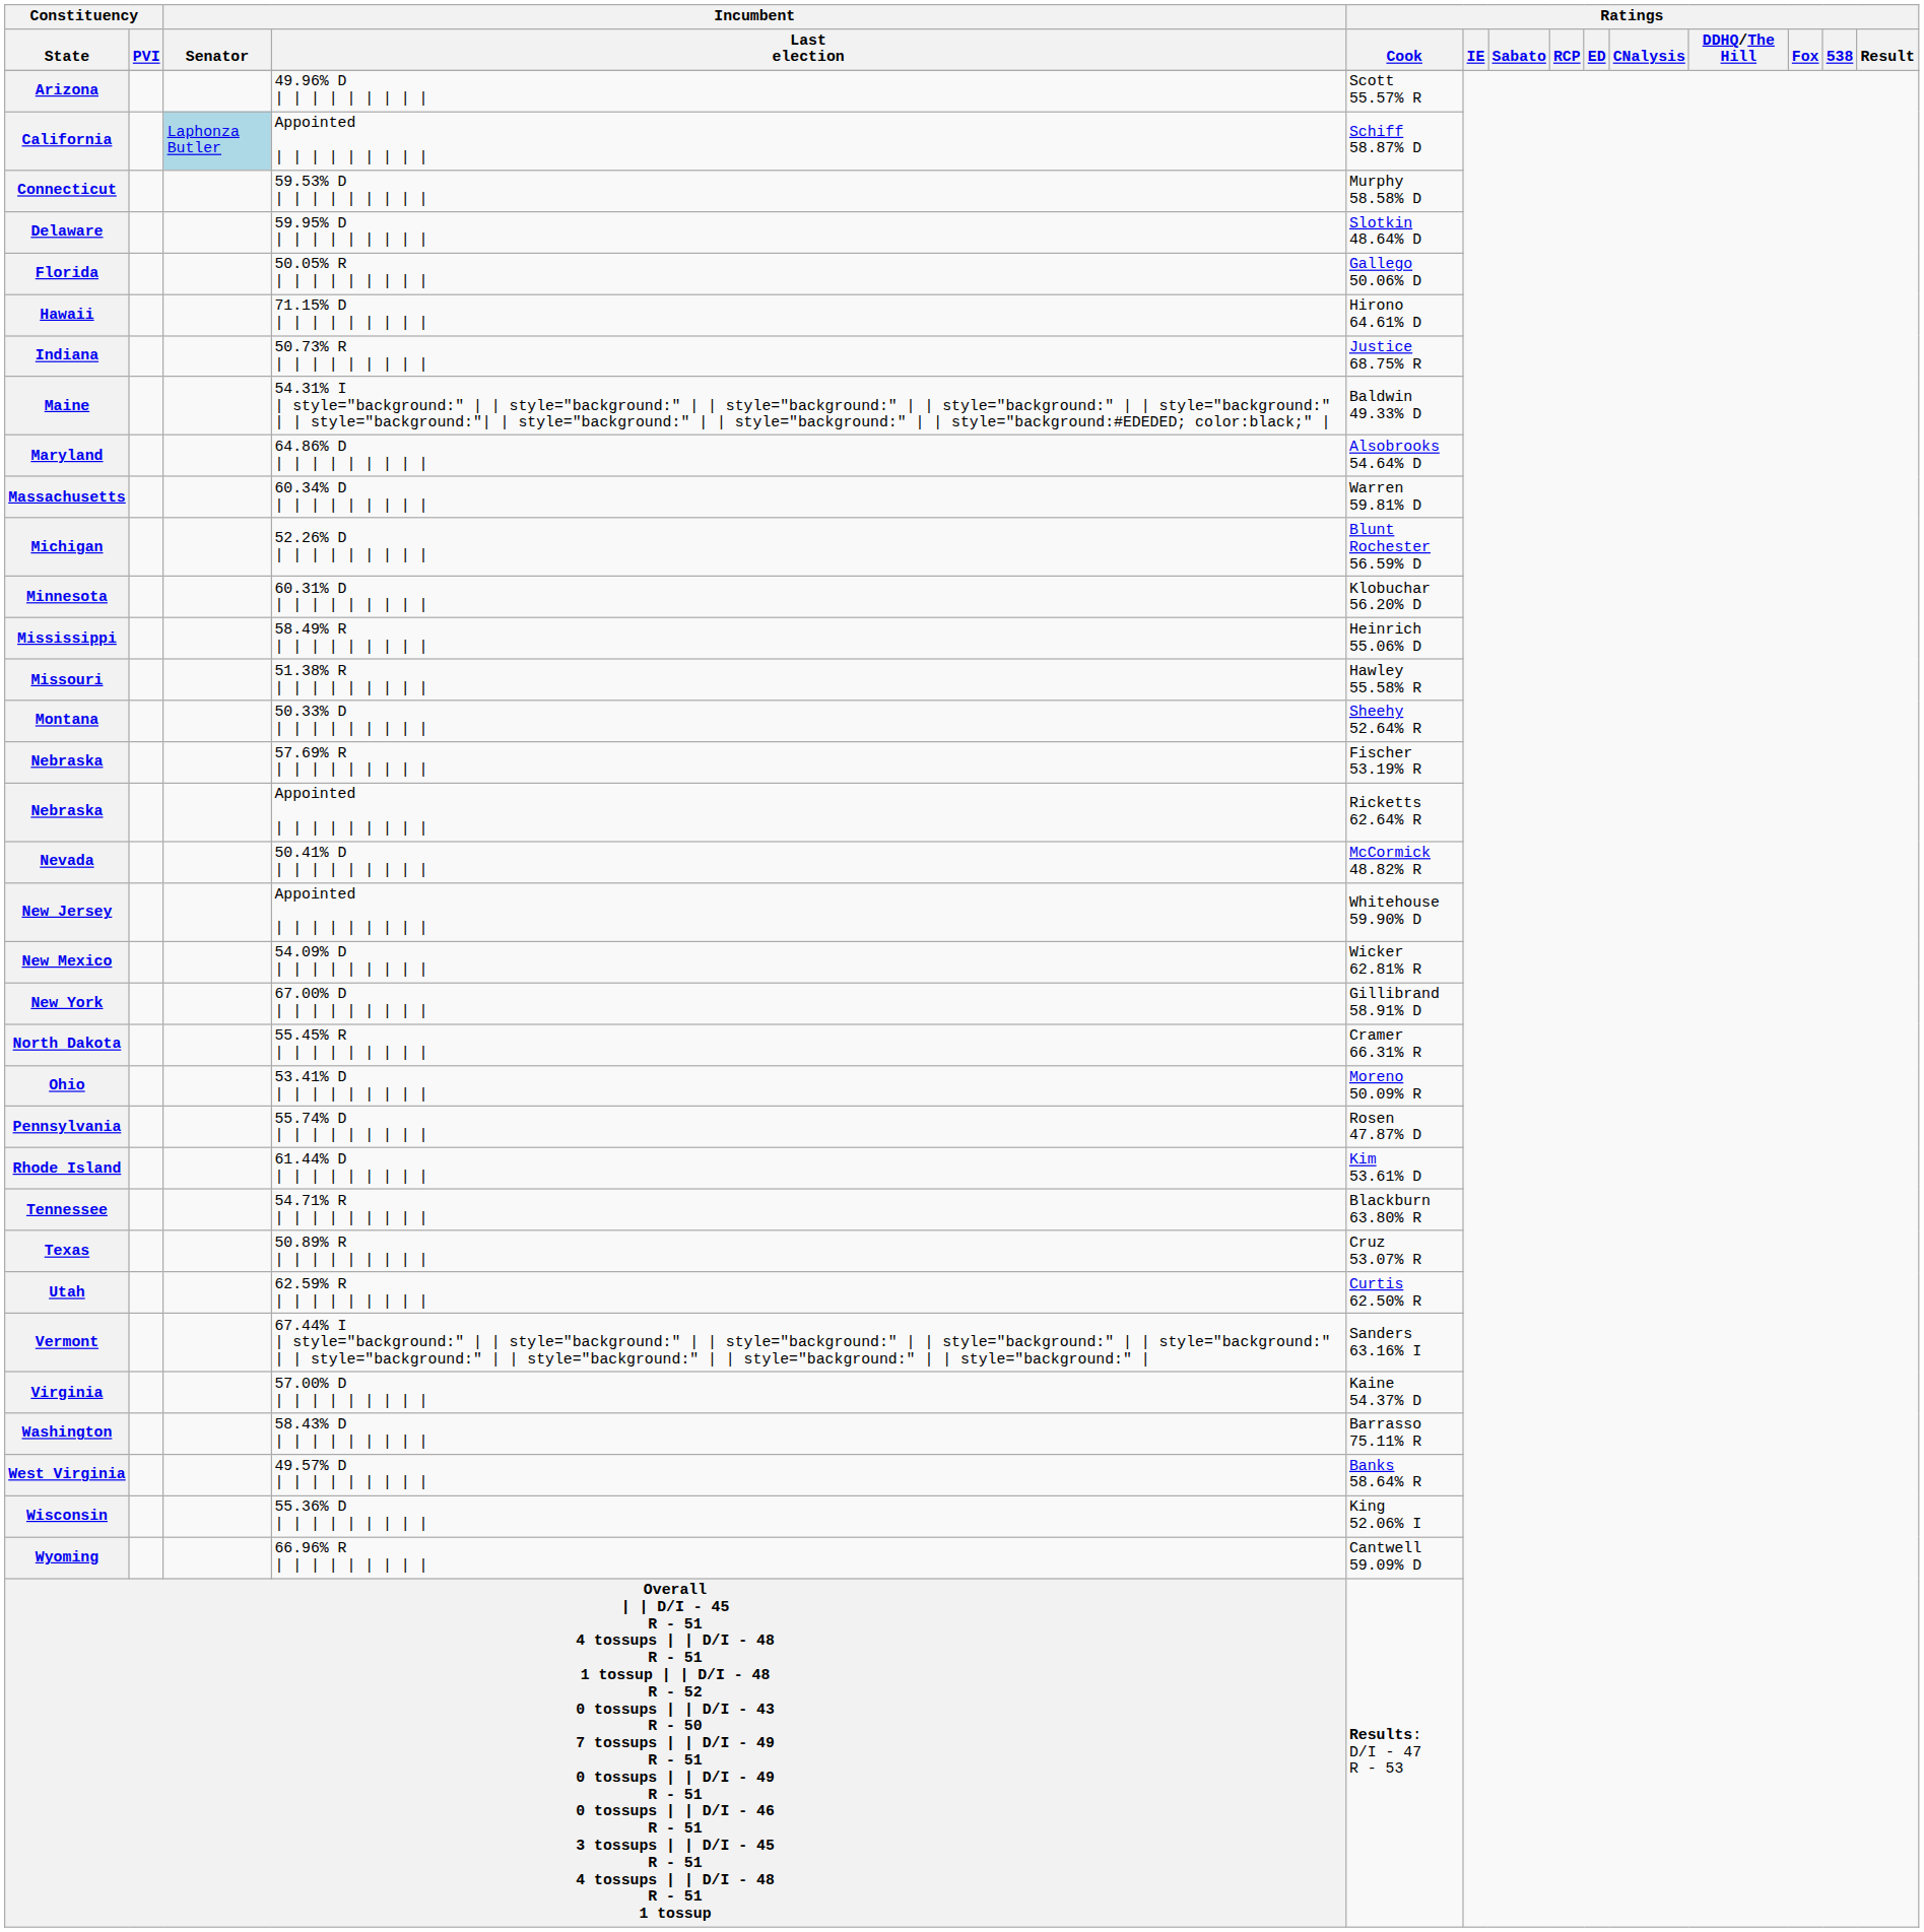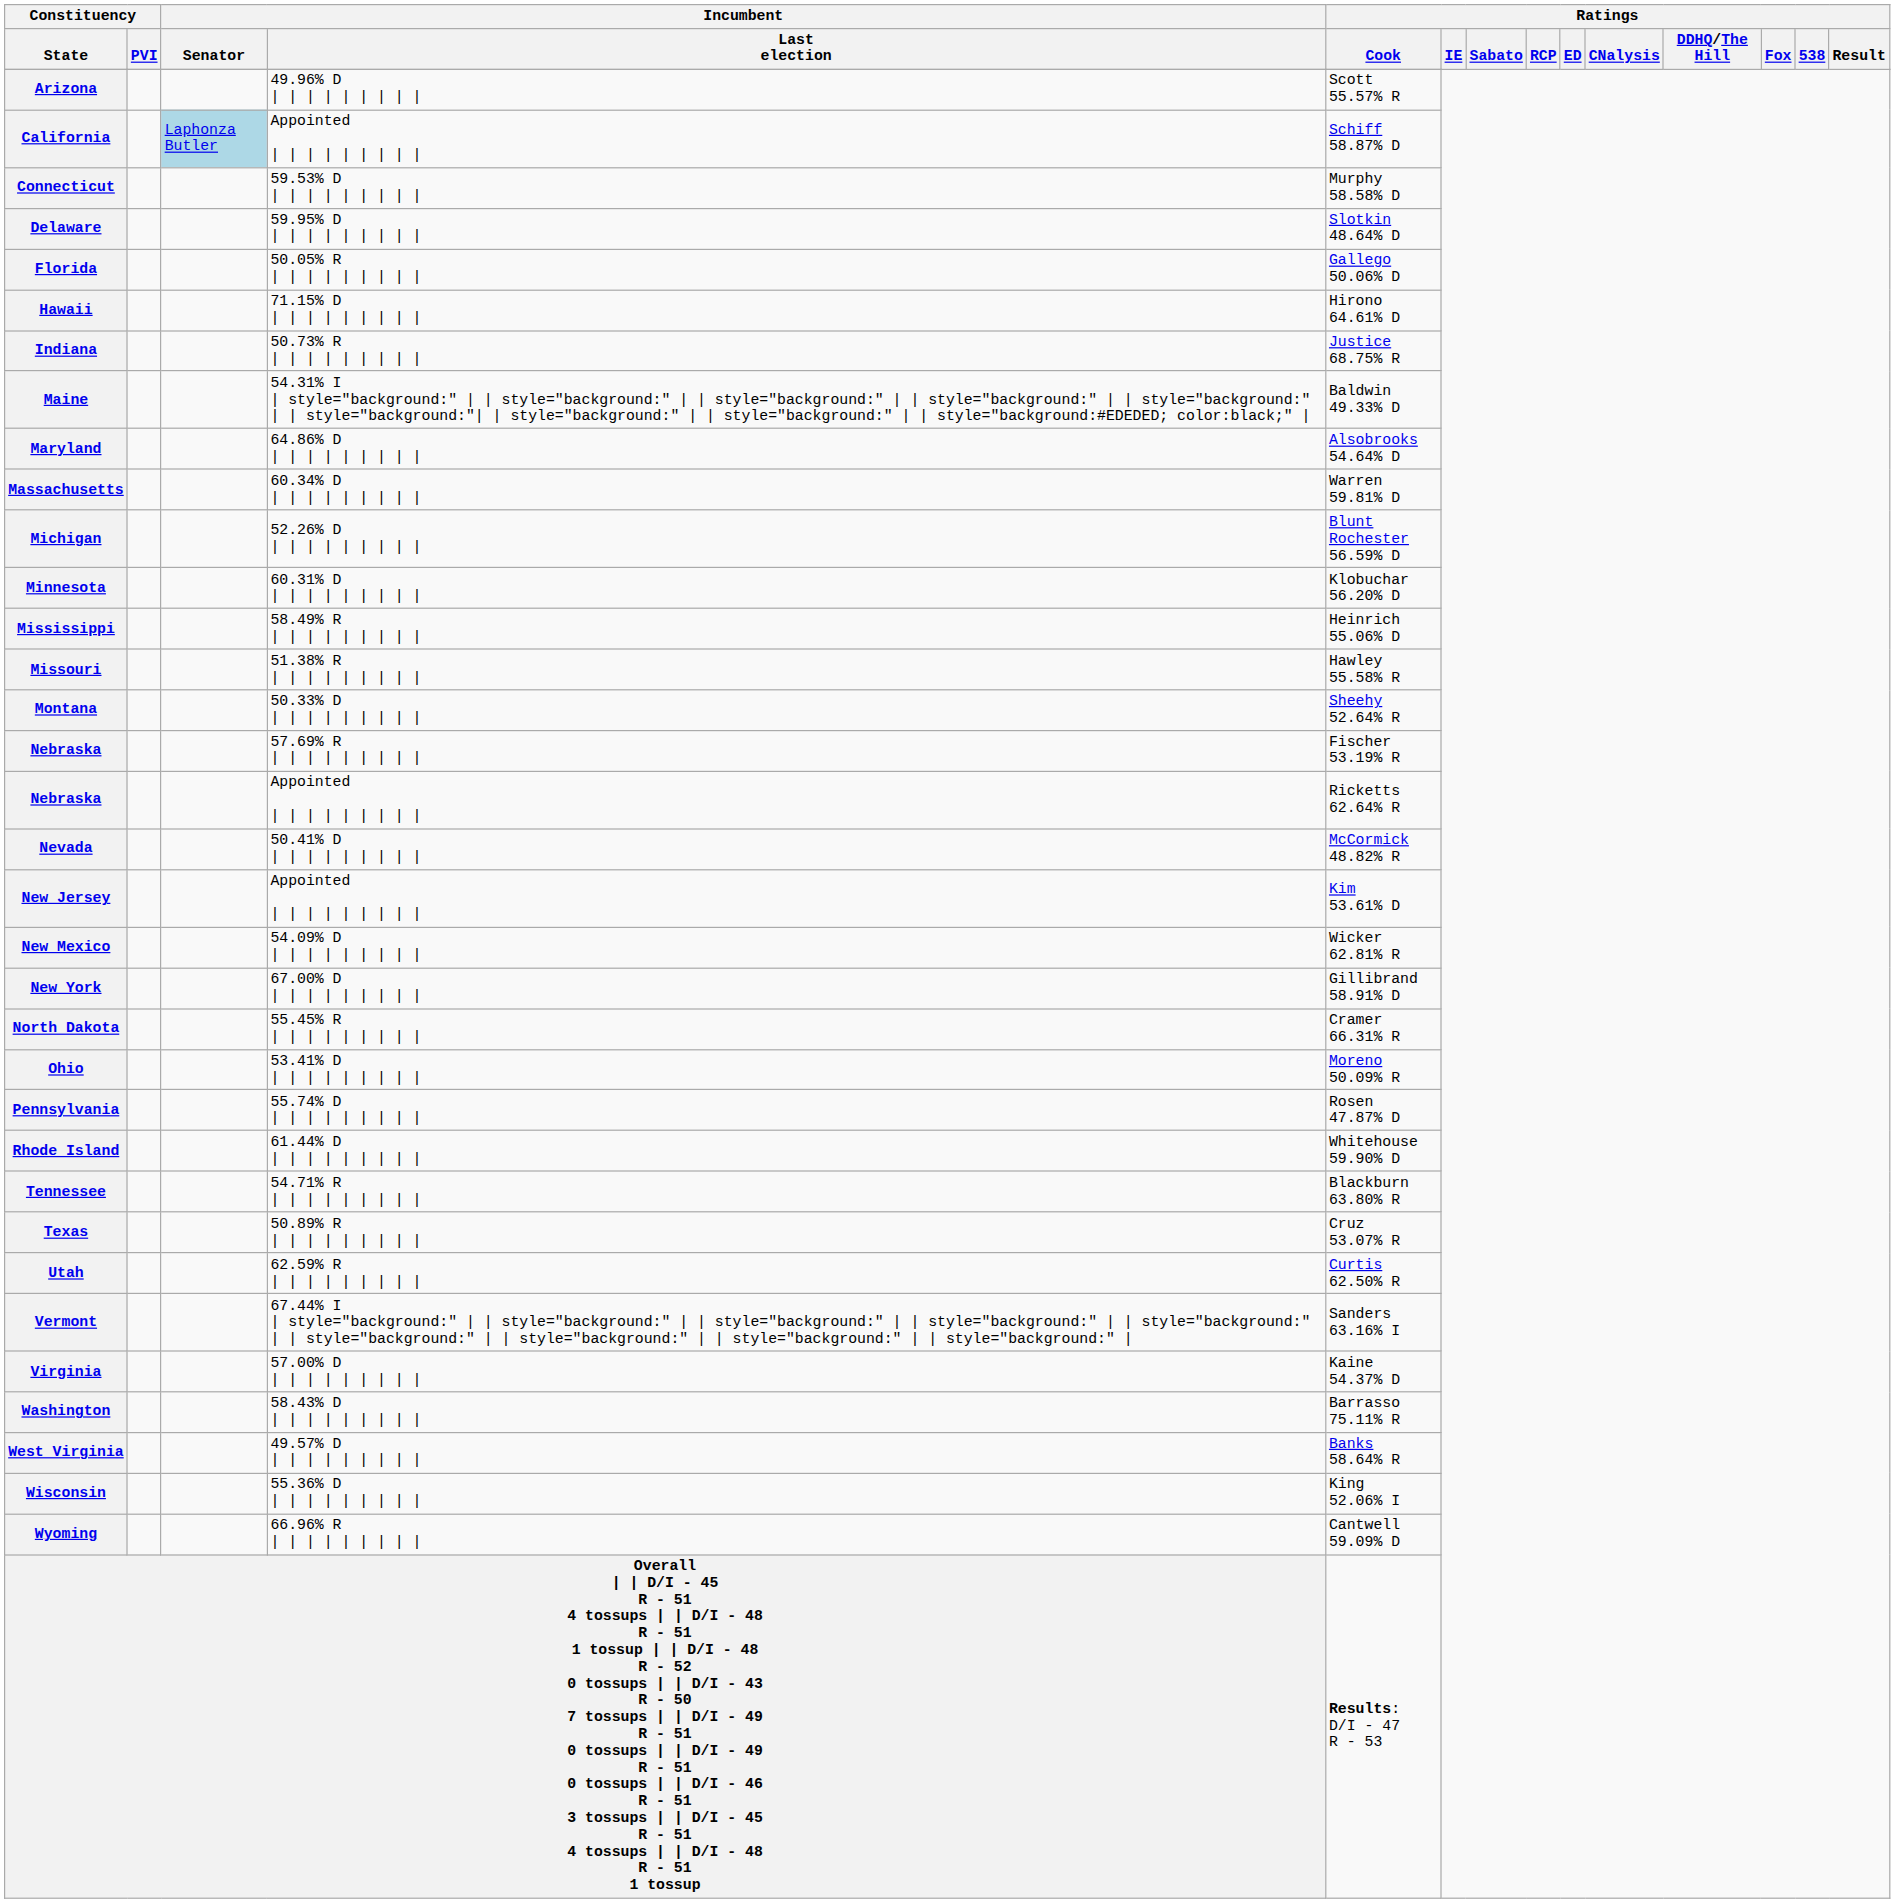 <table class="wikitable sortable sticky-header-multi" style="font-size:95%;">
 <tr style="vertical-align:bottom">
 <th colspan=2>Constituency</th>
 <th colspan=2>Incumbent</th>
 <th colspan="10">Ratings</th>
 </tr>
 <tr style="vertical-align:bottom">
 <th>State</th>
 <th><a href='#'>PVI</a></th>
 <th>Senator</th>
 <th data-sort-type="number">Last<br>election</th>
 <th><a href='#'>Cook</a><br></th>
 <th><a href='#'>IE</a><br></th>
 <th><a href='#'>Sabato</a><br></th>
 <th><a href='#'>RCP</a><br></th>
 <th><a href='#'>ED</a><br></th>
 <th><a href='#'>CNalysis</a><br></th>
 <th><a href='#'>DDHQ</a>/<a href='#'>The Hill</a><br></th>
 <th><a href='#'>Fox</a><br></th>
 <th><a href='#'>538</a><br></th>
 <th>Result</th>
 </tr>
 <tr>
 </tr>
 <tr>
 <th><a href='#'>Arizona</a></th>
 <td></td>
 <td><br></td>
 <td>49.96% D<br>  |     |    |    |    |    |   |    |    | </td>
 <td>Scott<br>55.57% R</td>
 </tr>
 <tr>
 <th><a href='#'>California</a></th>
 <td></td>
 <td style="background: lightblue;"><a href='#'>Laphonza Butler</a><br></td>
 <td data-sort-value="100.0">Appointed<br><br>  |     |    |    |    |    |   |    |    | </td>
 <td><a href='#'>Schiff</a><br>58.87% D</td>
 </tr>
 <tr>
 <th><a href='#'>Connecticut</a></th>
 <td></td>
 <td></td>
 <td>59.53% D<br>  |     |    |    |    |    |   |    |    | </td>
 <td>Murphy<br>58.58% D</td>
 </tr>
 <tr>
 <th><a href='#'>Delaware</a></th>
 <td></td>
 <td><br></td>
 <td>59.95% D<br>  |     |    |    |    |    |   |    |    | </td>
 <td><a href='#'>Slotkin</a><br>48.64% D</td>
 </tr>
 <tr>
 <th><a href='#'>Florida</a></th>
 <td></td>
 <td></td>
 <td>50.05% R<br> |    |   |   |    |   |  |   |   | </td>
 <td><a href='#'>Gallego</a><br>50.06% D </td>
 </tr>
 <tr>
 <th><a href='#'>Hawaii</a></th>
 <td></td>
 <td></td>
 <td>71.15% D<br> |    |   |   |    |   |  |   |   | </td>
 <td>Hirono<br>64.61% D</td>
 </tr>
 <tr>
 <th><a href='#'>Indiana</a></th>
 <td></td>
 <td><br></td>
 <td>50.73% R<br> |    |   |   |    |   |  |   |   | </td>
 <td><a href='#'>Justice</a><br>68.75% R </td>
 </tr>
 <tr>
 <th><a href='#'>Maine</a></th>
 <td></td>
 <td></td>
 <td>54.31% I<br> | style="background:" |   | style="background:" |  | style="background:" |  | style="background:" |  | style="background:" |   | style="background:"| | style="background:" |  | style="background:" |  | style="background:#EDEDED; color:black;" | </td>
 <td>Baldwin<br>49.33% D</td>
 </tr>
 <tr>
 <th><a href='#'>Maryland</a></th>
 <td></td>
 <td><br></td>
 <td>64.86% D<br> |    |   |   |    |   |  |   |   | </td>
 <td><a href='#'>Alsobrooks</a><br>54.64% D</td>
 </tr>
 <tr>
 <th><a href='#'>Massachusetts</a></th>
 <td></td>
 <td></td>
 <td>60.34% D<br> |    |   |   |    |   |  |   |   | </td>
 <td>Warren<br>59.81% D</td>
 </tr>
 <tr>
 <th><a href='#'>Michigan</a></th>
 <td></td>
 <td><br></td>
 <td>52.26% D<br>  |     |    |    |    |    |   |    |    | </td>
 <td><a href='#'>Blunt Rochester</a><br>56.59% D</td>
 </tr>
 <tr>
 <th><a href='#'>Minnesota</a></th>
 <td></td>
 <td></td>
 <td>60.31% D<br>  |     |    |    |    |    |   |    |    | </td>
 <td>Klobuchar<br>56.20% D</td>
 </tr>
 <tr>
 <th><a href='#'>Mississippi</a></th>
 <td></td>
 <td></td>
 <td>58.49% R<br>  |     |    |    |    |    |   |    |    | </td>
 <td>Heinrich<br>55.06% D</td>
 </tr>
 <tr>
 <th><a href='#'>Missouri</a></th>
 <td></td>
 <td></td>
 <td>51.38% R<br>  |     |    |    |    |    |   |    |    | </td>
 <td>Hawley<br>55.58% R</td>
 </tr>
 <tr>
 <th><a href='#'>Montana</a></th>
 <td></td>
 <td></td>
 <td>50.33% D<br>  |     |    |    |    |    |   |    |    | </td>
 <td><a href='#'>Sheehy</a><br>52.64% R </td>
 </tr>
 <tr>
 <th><a href='#'>Nebraska</a><br></th>
 <td></td>
 <td></td>
 <td>57.69% R<br>  |     |    |    |    |    |   |    |    | </td>
 <td>Fischer<br>53.19% R</td>
 </tr>
 <tr>
 <th><a href='#'>Nebraska</a><br></th>
 <td></td>
 <td></td>
 <td data-sort-value="100.0">Appointed<br><br>  |     |    |    |    |    |   |    |    | </td>
 <td>Ricketts<br>62.64% R</td>
 </tr>
 <tr>
 <th><a href='#'>Nevada</a></th>
 <td></td>
 <td></td>
 <td>50.41% D<br>  |     |    |    |    |    |   |    |    | </td>
 <td><a href='#'>McCormick</a><br>48.82% R </td>
 </tr>
 <tr>
 <th><a href='#'>New Jersey</a></th>
 <td></td>
 <td><br></td>
 <td data-sort-value="100.0">Appointed<br><br>  |     |    |    |    |    |   |    |    | </td>
-<td>Whitehouse<br>59.90% D</td>
+<td><a href='#'>Kim</a><br>53.61% D</td>
 </tr>
 <tr>
 <th><a href='#'>New Mexico</a></th>
 <td></td>
 <td></td>
 <td>54.09% D<br>  |     |    |    |    |    |   |    |    | </td>
 <td>Wicker<br>62.81% R</td>
 </tr>
 <tr>
 <th><a href='#'>New York</a></th>
 <td></td>
 <td></td>
 <td>67.00% D<br>  |     |    |    |    |    |   |    |    | </td>
 <td>Gillibrand<br>58.91% D</td>
 </tr>
 <tr>
 <th><a href='#'>North Dakota</a></th>
 <td></td>
 <td></td>
 <td>55.45% R<br>  |     |    |    |    |    |   |    |    | </td>
 <td>Cramer<br>66.31% R</td>
 </tr>
 <tr>
 <th><a href='#'>Ohio</a></th>
 <td></td>
 <td></td>
 <td>53.41% D<br>  |     |    |    |    |    |   |    |    | </td>
 <td><a href='#'>Moreno</a><br>50.09% R </td>
 </tr>
 <tr>
 <th><a href='#'>Pennsylvania</a></th>
 <td></td>
 <td></td>
 <td>55.74% D<br>  |     |    |    |    |    |   |    |    | </td>
 <td>Rosen<br>47.87% D</td>
 </tr>
 <tr>
 <th><a href='#'>Rhode Island</a></th>
 <td></td>
 <td></td>
 <td>61.44% D<br>  |     |    |    |    |    |   |    |    | </td>
-<td><a href='#'>Kim</a><br>53.61% D</td>
+<td>Whitehouse<br>59.90% D</td>
 </tr>
 <tr>
 <th><a href='#'>Tennessee</a></th>
 <td></td>
 <td></td>
 <td>54.71% R<br>  |     |    |    |    |    |   |    |    | </td>
 <td>Blackburn<br>63.80% R</td>
 </tr>
 <tr>
 <th><a href='#'>Texas</a></th>
 <td></td>
 <td></td>
 <td>50.89% R<br>  |     |    |    |    |    |   |    |    | </td>
 <td>Cruz<br>53.07% R</td>
 </tr>
 <tr>
 <th><a href='#'>Utah</a></th>
 <td></td>
 <td><br></td>
 <td>62.59% R<br>  |     |    |    |    |    |   |    |    | </td>
 <td><a href='#'>Curtis</a><br>62.50% R</td>
 </tr>
 <tr>
 <th><a href='#'>Vermont</a></th>
 <td></td>
 <td></td>
 <td>67.44% I<br>  | style="background:" |    | style="background:" |   | style="background:" |   | style="background:" |   | style="background:" |   | style="background:" |  | style="background:" |   | style="background:" |   | style="background:" |</td>
 <td>Sanders<br>63.16% I</td>
 </tr>
 <tr>
 <th><a href='#'>Virginia</a></th>
 <td></td>
 <td></td>
 <td>57.00% D<br>  |     |    |    |    |    |   |    |    | </td>
 <td>Kaine<br>54.37% D</td>
 </tr>
 <tr>
 <th><a href='#'>Washington</a></th>
 <td></td>
 <td></td>
 <td>58.43% D<br>  |     |    |    |    |    |   |    |    | </td>
 <td>Barrasso<br>75.11% R</td>
 </tr>
 <tr>
 <th><a href='#'>West Virginia</a></th>
 <td></td>
 <td><br></td>
 <td>49.57% D<br>  |     |    |    |    |    |   |    |    | </td>
 <td><a href='#'>Banks</a><br>58.64% R</td>
 </tr>
 <tr>
 <th><a href='#'>Wisconsin</a></th>
 <td></td>
 <td></td>
 <td>55.36% D<br>  |     |    |    |    |    |   |    |    | </td>
 <td>King<br>52.06% I</td>
 </tr>
 <tr>
 <th><a href='#'>Wyoming</a></th>
 <td></td>
 <td></td>
 <td>66.96% R<br>  |     |    |    |    |    |   |    |    | </td>
 <td>Cantwell<br>59.09% D</td>
 </tr>
 <tr class="sortbottom">
 <th colspan=4>Overall<br> | | D/I - 45<br>R - 51<br>4 tossups   | | D/I - 48<br>R - 51<br>1 tossup  | | D/I - 48<br>R - 52<br>0 tossups  |     | D/I - 43<br>R - 50<br>7 tossups  |     | D/I - 49<br>R - 51<br>0 tossups  | | D/I - 49<br>R - 51<br>0 tossups | | D/I - 46<br>R - 51<br>3 tossups  | | D/I - 45<br>R - 51<br>4 tossups  | | D/I - 48<br>R - 51<br>1 tossup</th>
 <td><strong>Results</strong>:<br>D/I - 47<br>R - 53</td>
 </tr>
 </table>
